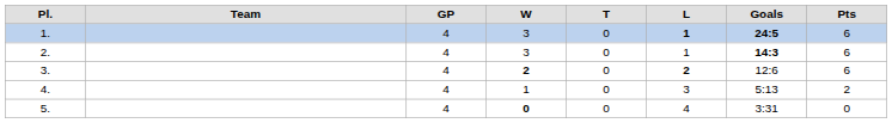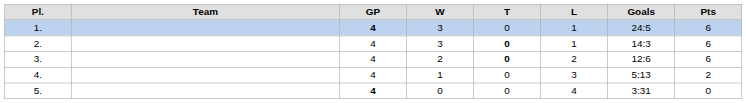 <table class="wikitable" width="60%">
 <tr style="font-weight:bold; background-color:#e0e0e0;" align="center" |>
 <td width="5%">Pl.</td>
 <td width="20%">Team</td>
 <td width="5%">GP</td>
 <td width="5%">W</td>
 <td width="5%">T</td>
 <td width="5%">L</td>
 <td width="5%">Goals</td>
 <td width="5%">Pts</td>
 </tr>
 <tr align="center" bgcolor="#BCD2EE">
 <td>1.</td>
 <td align="left"></td>
-<td>4</td>
+<td><strong>4</strong></td>
 <td>3</td>
 <td>0</td>
-<td><strong>1</strong></td>
-<td><strong>24:5</strong></td>
+<td>1</td>
+<td>24:5</td>
 <td>6</td>
 </tr>
 <tr align="center" bgcolor="#FFFFFF">
 <td>2.</td>
 <td align="left"></td>
 <td>4</td>
 <td>3</td>
-<td>0</td>
+<td><strong>0</strong></td>
 <td>1</td>
-<td><strong>14:3</strong></td>
+<td>14:3</td>
 <td>6</td>
 </tr>
 <tr align="center" bgcolor="#FFFFFF">
 <td>3.</td>
 <td align="left"></td>
 <td>4</td>
-<td><strong>2</strong></td>
-<td>0</td>
-<td><strong>2</strong></td>
+<td>2</td>
+<td><strong>0</strong></td>
+<td>2</td>
 <td>12:6</td>
 <td>6</td>
 </tr>
 <tr align="center" bgcolor="#FFFFFF">
 <td>4.</td>
 <td align="left"></td>
 <td>4</td>
 <td>1</td>
 <td>0</td>
 <td>3</td>
 <td>5:13</td>
 <td>2</td>
 </tr>
 <tr align="center" bgcolor="#FFFFFF">
 <td>5.</td>
 <td align="left"></td>
-<td>4</td>
-<td><strong>0</strong></td>
+<td><strong>4</strong></td>
+<td>0</td>
 <td>0</td>
 <td>4</td>
 <td>3:31</td>
 <td>0</td>
 </tr>
 </table>
